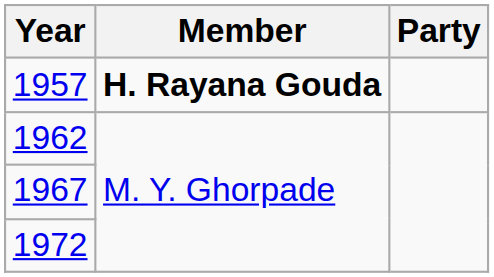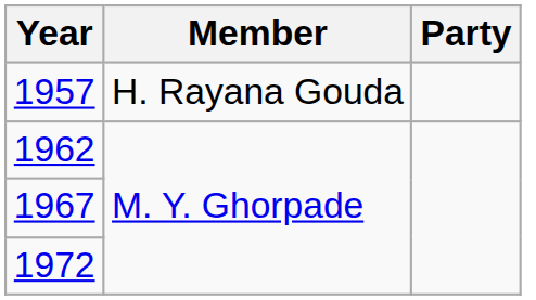 <table class="wikitable sortable">
 <tr>
 <th>Year</th>
 <th>Member</th>
 <th colspan="2">Party</th>
 </tr>
 <tr>
 <td><a href='#'>1957</a></td>
-<td><strong>H. Rayana Gouda</strong></td>
+<td>H. Rayana Gouda</td>
 <td></td>
 </tr>
 <tr>
 <td><a href='#'>1962</a></td>
 <td rowspan=3><a href='#'>M. Y. Ghorpade</a></td>
 </tr>
 <tr>
 <td><a href='#'>1967</a></td>
 </tr>
 <tr>
 <td><a href='#'>1972</a></td>
 </tr>
 </table>
